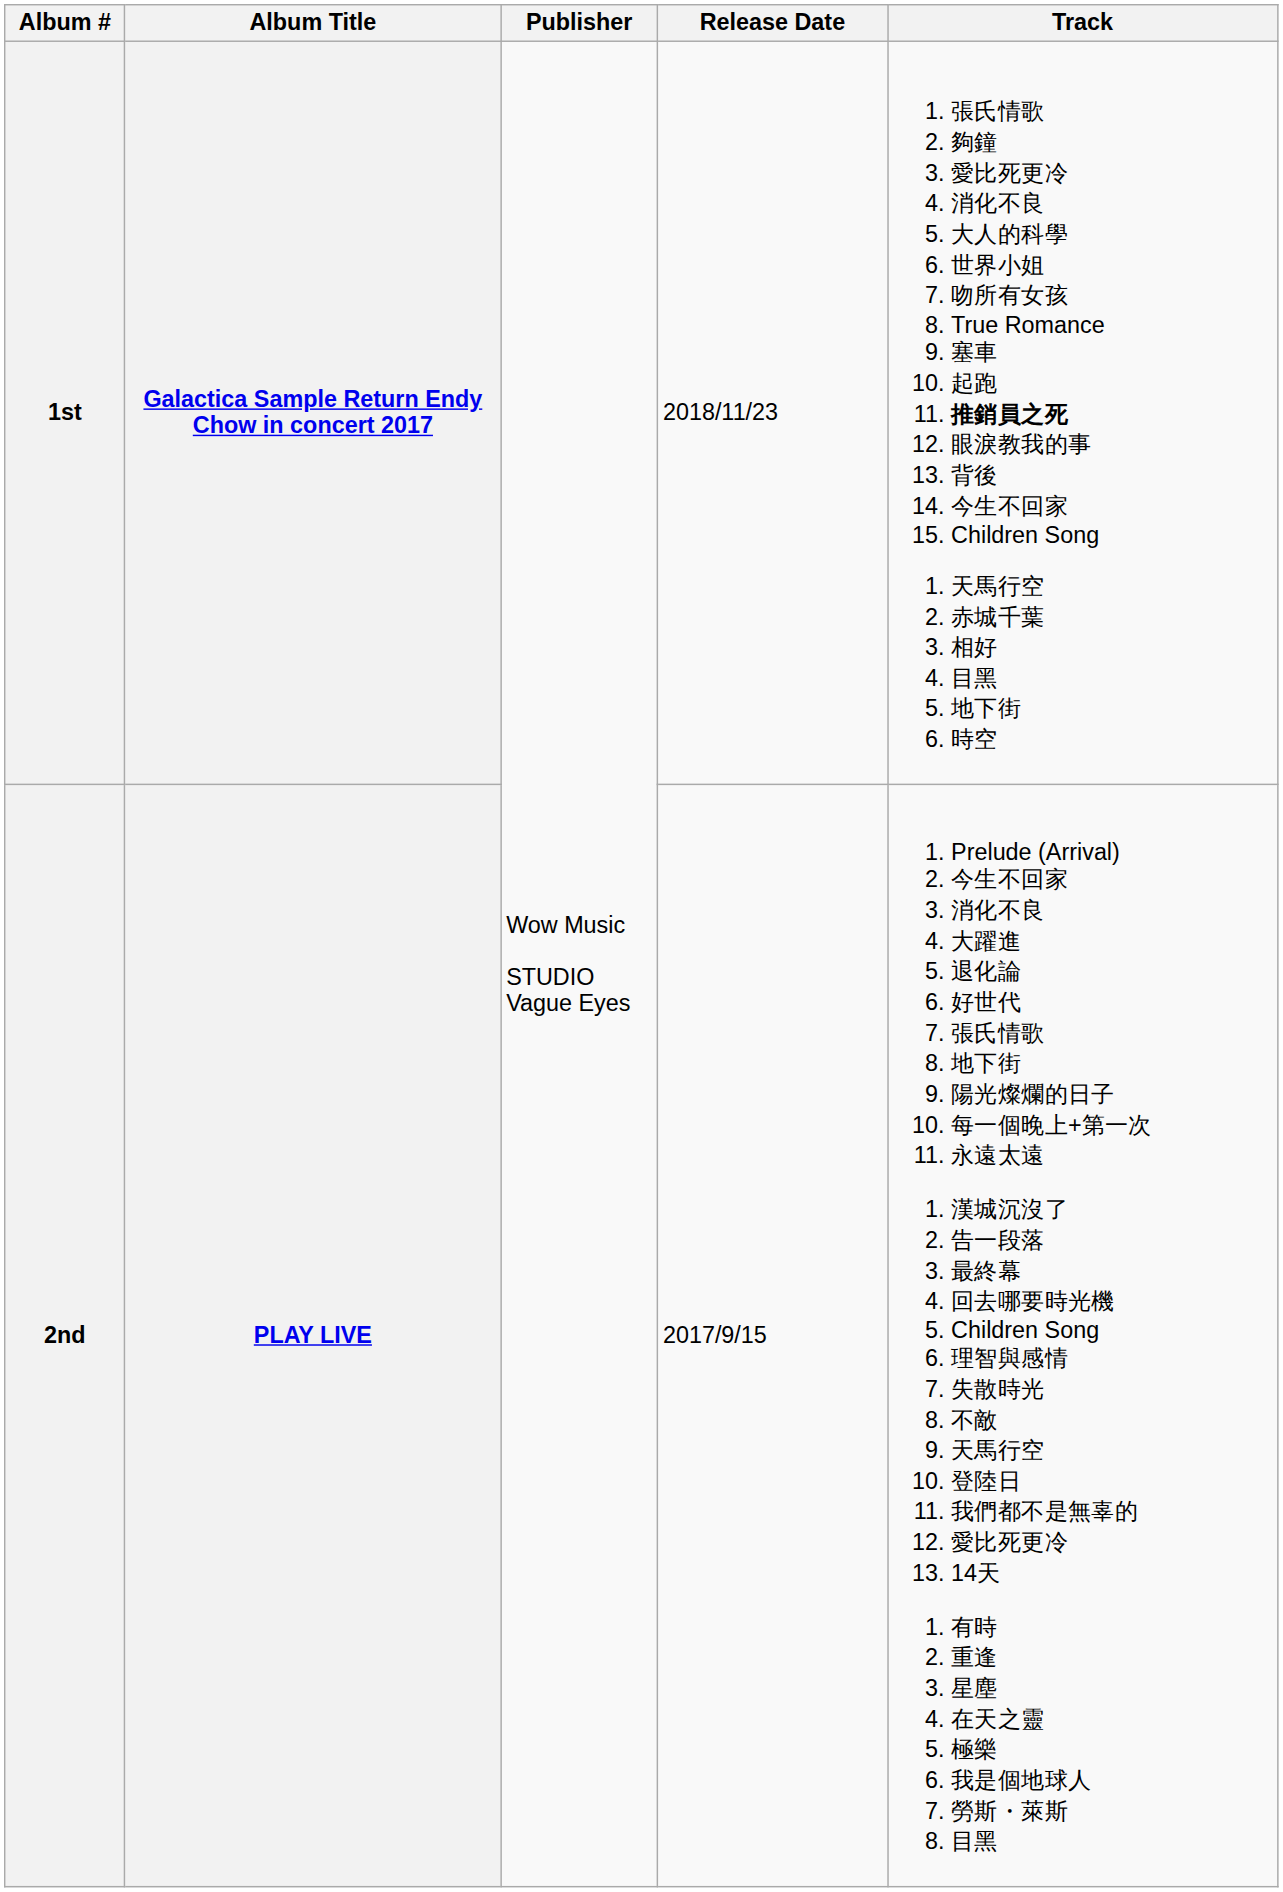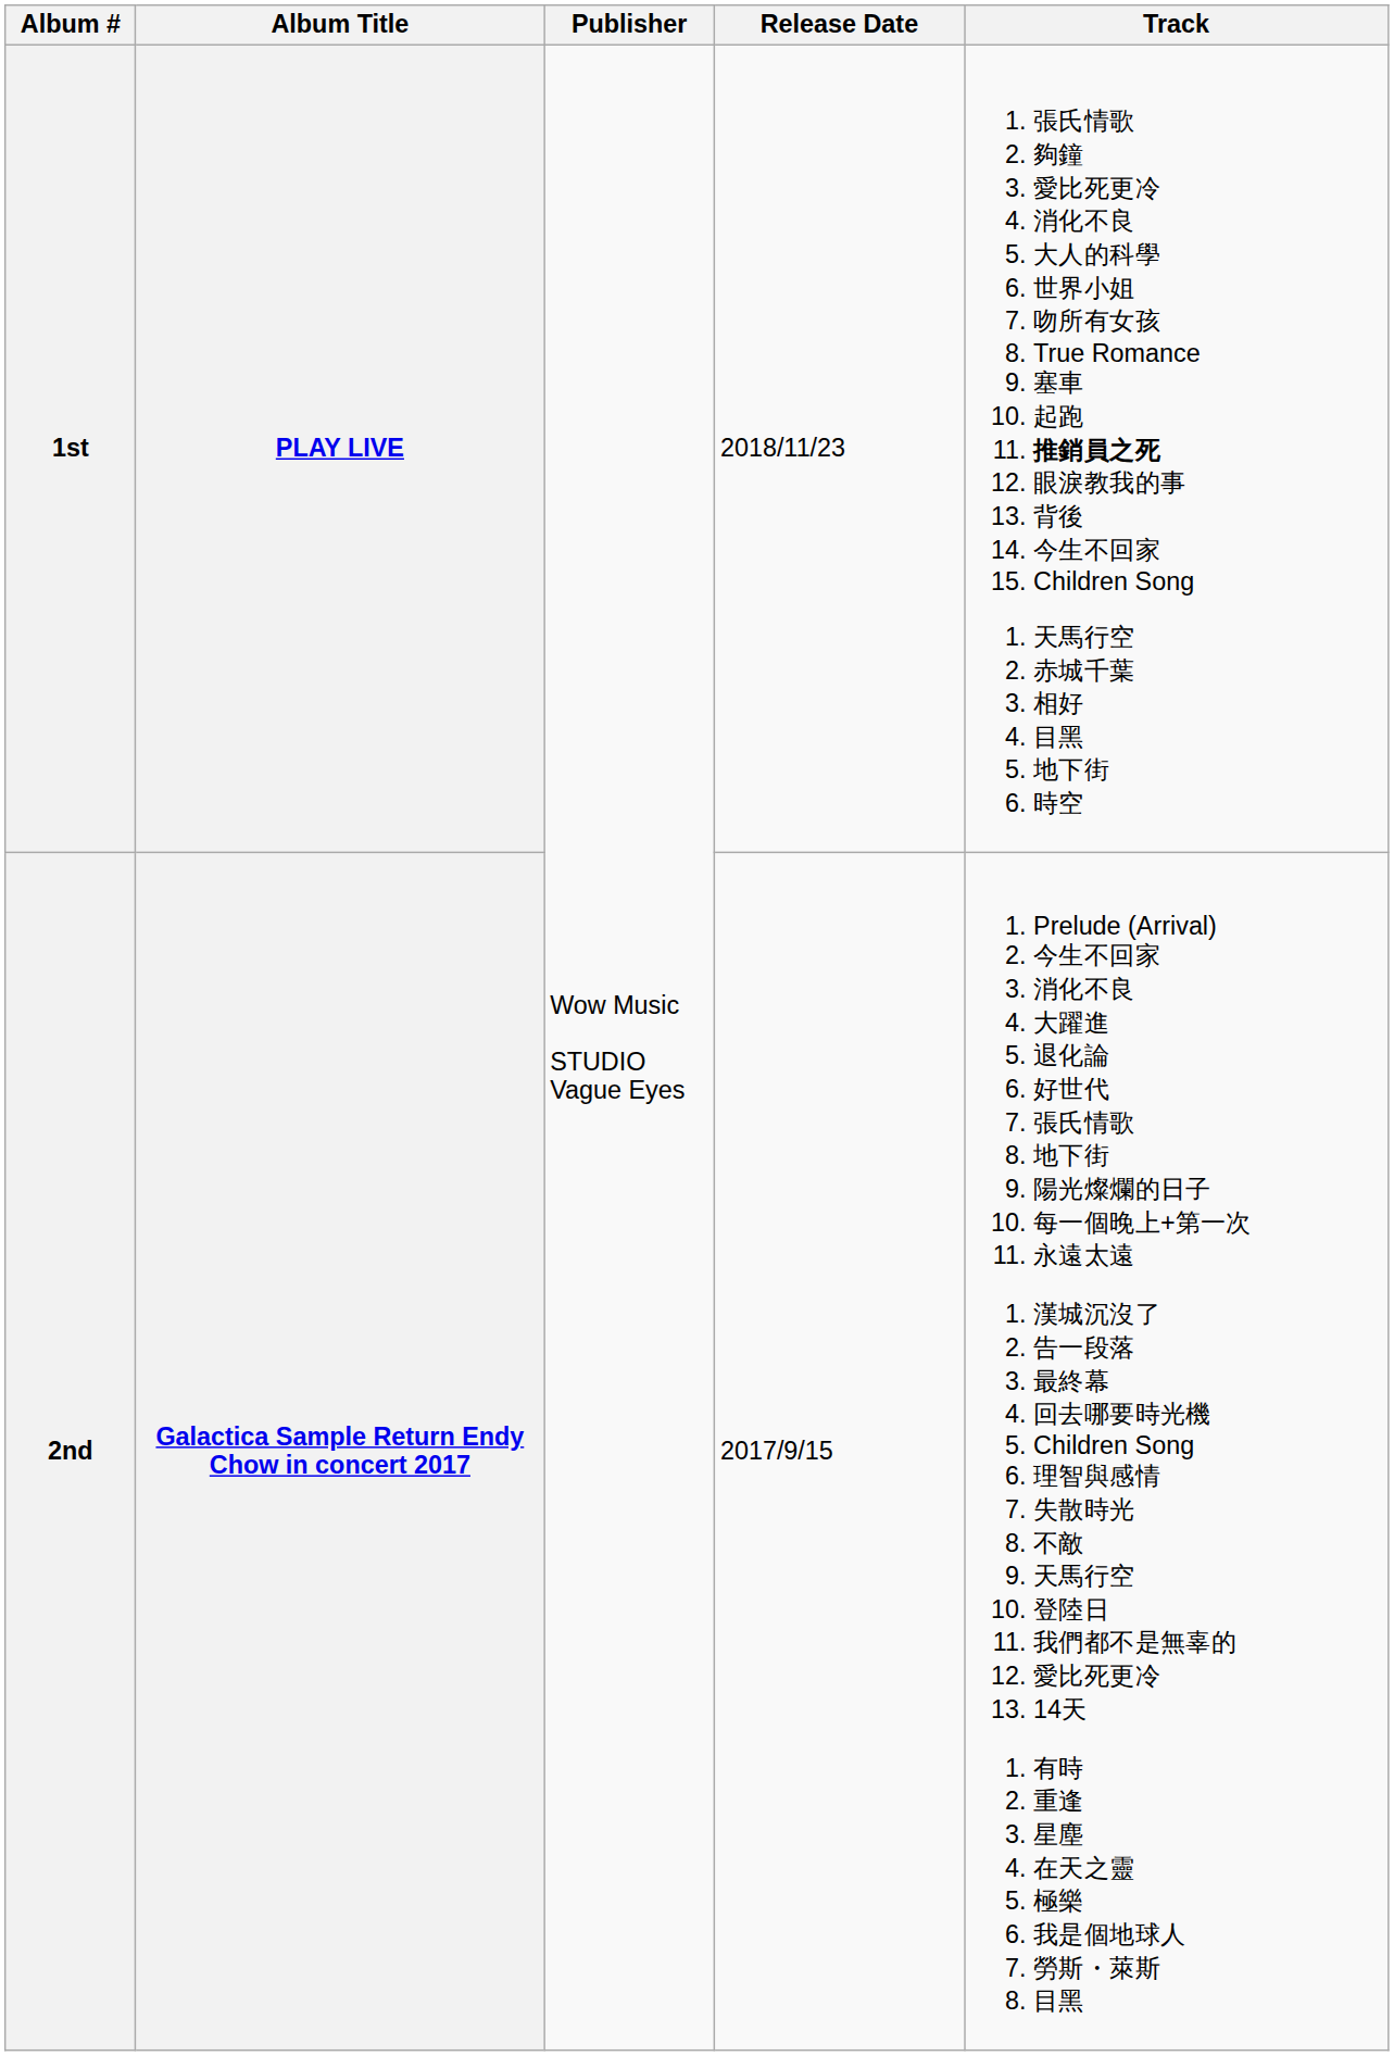 <table class="wikitable">
 <tr>
 <th align="left" width="75px">Album #</th>
 <th align="left" width="250px">Album Title</th>
 <th align="left" width="100px">Publisher</th>
 <th align="left" width="150px">Release Date</th>
 <th align="left" width="260px">Track</th>
 </tr>
 <tr>
 <th><strong>1st</strong></th>
-<th><a href='#'>Galactica Sample Return Endy Chow in concert 2017</a></th>
+<th><a href='#'>PLAY LIVE</a></th>
 <td rowspan=2>Wow Music<br><br>STUDIO Vague Eyes</td>
 <td>2018/11/23</td>
 <td><br><ol><li>張氏情歌</li><li>夠鐘</li><li>愛比死更冷</li><li>消化不良</li><li>大人的科學</li><li>世界小姐</li><li>吻所有女孩</li><li>True Romance</li><li>塞車</li><li>起跑</li><li><strong>推銷員之死</strong></li><li>眼淚教我的事</li><li>背後</li><li>今生不回家</li><li>Children Song</li></ol><ol><li>天馬行空</li><li>赤城千葉</li><li>相好</li><li>目黑</li><li>地下街</li><li>時空</li></ol></td>
 </tr>
 <tr>
 <th><strong>2nd</strong></th>
-<th><a href='#'>PLAY LIVE</a></th>
+<th><a href='#'>Galactica Sample Return Endy Chow in concert 2017</a></th>
 <td>2017/9/15</td>
 <td><br><ol><li>Prelude (Arrival)</li><li>今生不回家</li><li>消化不良</li><li>大躍進</li><li>退化論</li><li>好世代</li><li>張氏情歌</li><li>地下街</li><li>陽光燦爛的日子</li><li>每一個晚上+第一次</li><li>永遠太遠</li></ol><ol><li>漢城沉沒了</li><li>告一段落</li><li>最終幕</li><li>回去哪要時光機</li><li>Children Song</li><li>理智與感情</li><li>失散時光</li><li>不敵</li><li>天馬行空</li><li>登陸日</li><li>我們都不是無辜的</li><li>愛比死更冷</li><li>14天</li></ol><ol><li>有時</li><li>重逢</li><li>星塵</li><li>在天之靈</li><li>極樂</li><li>我是個地球人</li><li>勞斯・萊斯</li><li>目黑</li></ol></td>
 </tr>
 </table>
